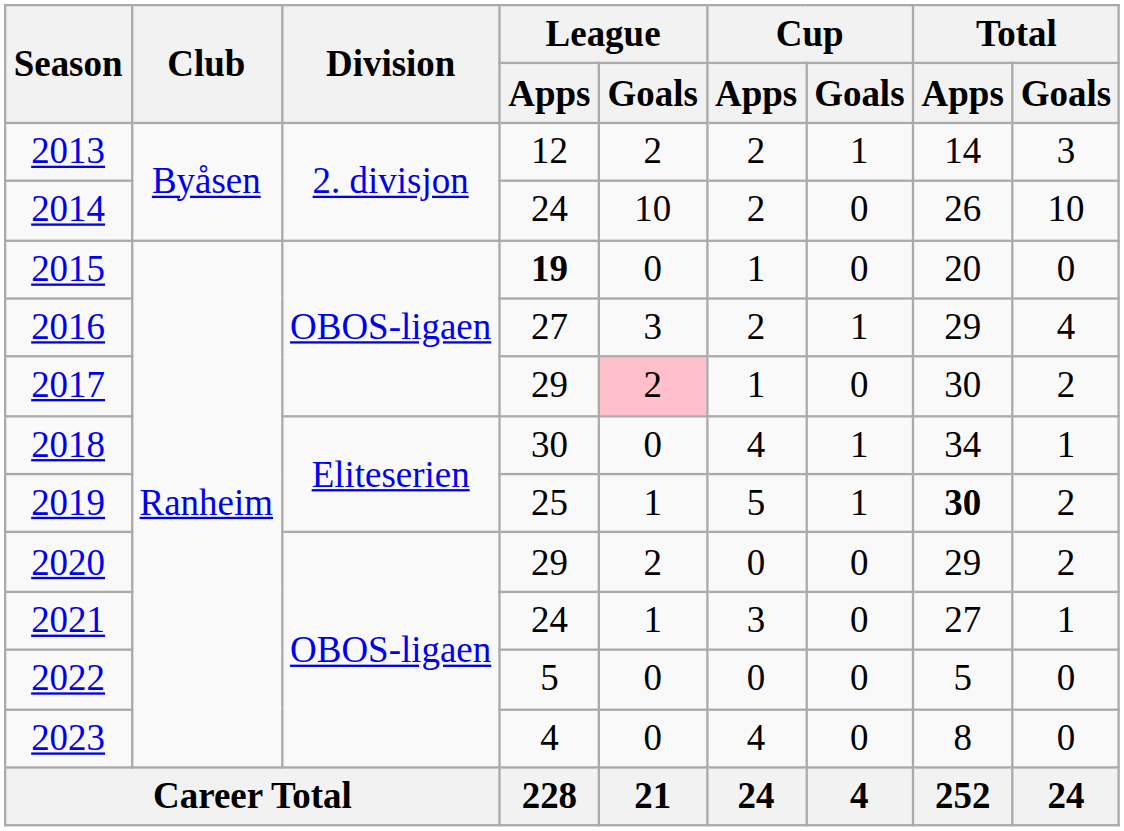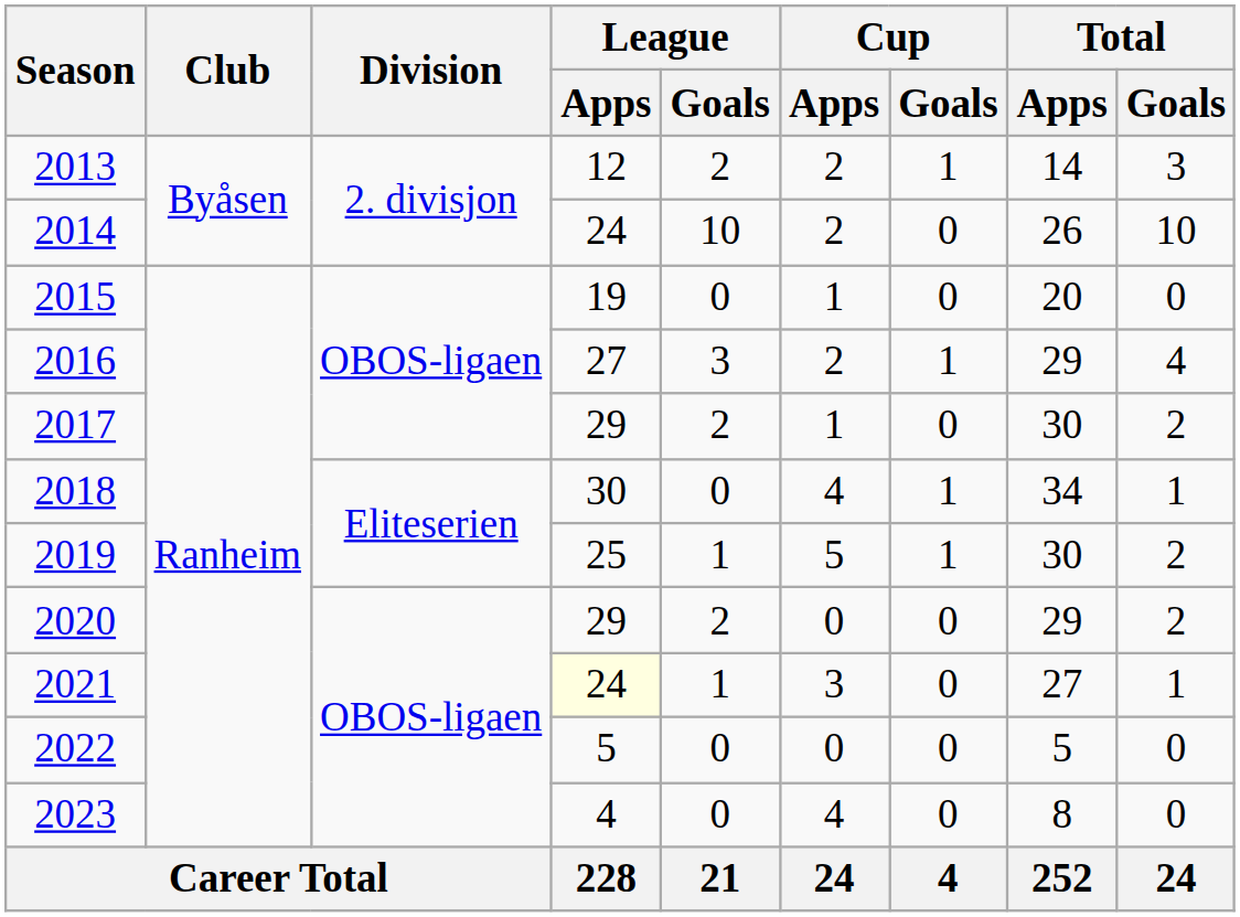 <table class="wikitable" style="text-align: center;">
 <tr>
 <th rowspan="2">Season</th>
 <th rowspan="2">Club</th>
 <th rowspan="2">Division</th>
 <th colspan="2">League</th>
 <th colspan="2">Cup</th>
 <th colspan="2">Total</th>
 </tr>
 <tr>
 <th>Apps</th>
 <th>Goals</th>
 <th>Apps</th>
 <th>Goals</th>
 <th>Apps</th>
 <th>Goals</th>
 </tr>
 <tr>
 <td><a href='#'>2013</a></td>
 <td rowspan="2"><a href='#'>Byåsen</a></td>
 <td rowspan="2"><a href='#'>2. divisjon</a></td>
 <td>12</td>
 <td>2</td>
 <td>2</td>
 <td>1</td>
 <td>14</td>
 <td>3</td>
 </tr>
 <tr>
 <td><a href='#'>2014</a></td>
 <td>24</td>
 <td>10</td>
 <td>2</td>
 <td>0</td>
 <td>26</td>
 <td>10</td>
 </tr>
 <tr>
 <td><a href='#'>2015</a></td>
 <td rowspan="9"><a href='#'>Ranheim</a></td>
 <td rowspan="3"><a href='#'>OBOS-ligaen</a></td>
-<td><strong>19</strong></td>
+<td>19</td>
 <td>0</td>
 <td>1</td>
 <td>0</td>
 <td>20</td>
 <td>0</td>
 </tr>
 <tr>
 <td><a href='#'>2016</a></td>
 <td>27</td>
 <td>3</td>
 <td>2</td>
 <td>1</td>
 <td>29</td>
 <td>4</td>
 </tr>
 <tr>
 <td><a href='#'>2017</a></td>
 <td>29</td>
-<td style="background: pink;">2</td>
+<td>2</td>
 <td>1</td>
 <td>0</td>
 <td>30</td>
 <td>2</td>
 </tr>
 <tr>
 <td><a href='#'>2018</a></td>
 <td rowspan="2"><a href='#'>Eliteserien</a></td>
 <td>30</td>
 <td>0</td>
 <td>4</td>
 <td>1</td>
 <td>34</td>
 <td>1</td>
 </tr>
 <tr>
 <td><a href='#'>2019</a></td>
 <td>25</td>
 <td>1</td>
 <td>5</td>
 <td>1</td>
-<td><strong>30</strong></td>
+<td>30</td>
 <td>2</td>
 </tr>
 <tr>
 <td><a href='#'>2020</a></td>
 <td rowspan="4"><a href='#'>OBOS-ligaen</a></td>
 <td>29</td>
 <td>2</td>
 <td>0</td>
 <td>0</td>
 <td>29</td>
 <td>2</td>
 </tr>
 <tr>
 <td><a href='#'>2021</a></td>
-<td>24</td>
+<td style="background: lightyellow;">24</td>
 <td>1</td>
 <td>3</td>
 <td>0</td>
 <td>27</td>
 <td>1</td>
 </tr>
 <tr>
 <td><a href='#'>2022</a></td>
 <td>5</td>
 <td>0</td>
 <td>0</td>
 <td>0</td>
 <td>5</td>
 <td>0</td>
 </tr>
 <tr>
 <td><a href='#'>2023</a></td>
 <td>4</td>
 <td>0</td>
 <td>4</td>
 <td>0</td>
 <td>8</td>
 <td>0</td>
 </tr>
 <tr>
 <th colspan="3">Career Total</th>
 <th>228</th>
 <th>21</th>
 <th>24</th>
 <th>4</th>
 <th>252</th>
 <th>24</th>
 </tr>
 </table>
